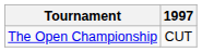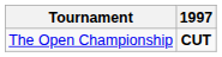 <table class="wikitable" style="font-size:95%;text-align:center;">
 <tr>
 <th>Tournament</th>
 <th>1997</th>
 </tr>
 <tr>
 <td align=left><a href='#'>The Open Championship</a></td>
-<td>CUT</td>
+<td><strong>CUT</strong></td>
 </tr>
 </table>
